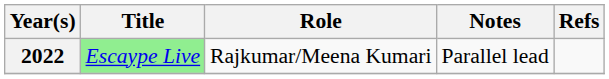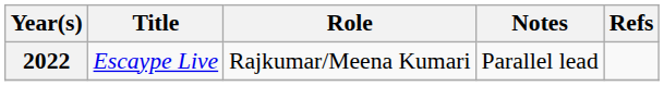 <table class="wikitable plainrowheaders sortable">
 <tr>
 <th scope="col">Year(s)</th>
 <th scope="col">Title</th>
 <th scope="col">Role</th>
 <th scope="col" class="unsortable">Notes</th>
 <th scope="col" class="unsortable">Refs</th>
 </tr>
 <tr>
 <th scope="row">2022</th>
-<td style="background: lightgreen;"><em><a href='#'>Escaype Live</a></em></td>
+<td><em><a href='#'>Escaype Live</a></em></td>
 <td>Rajkumar/Meena Kumari</td>
 <td>Parallel lead</td>
 <td></td>
 </tr>
 <tr>
 </tr>
 </table>
